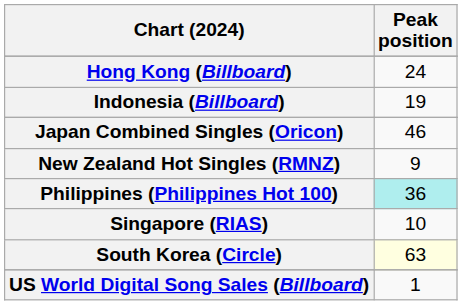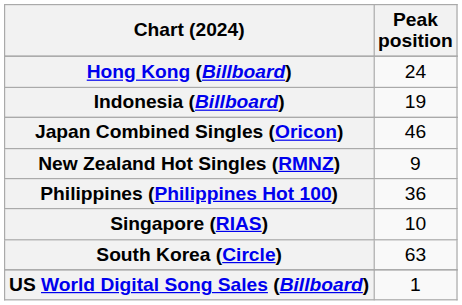 <table class="wikitable sortable plainrowheaders" style="text-align:center">
 <tr>
 <th scope="col">Chart (2024)</th>
 <th scope="col">Peak<br>position</th>
 </tr>
 <tr>
 </tr>
 <tr>
 <th scope="row"><a href='#'>Hong Kong</a> (<em><a href='#'>Billboard</a></em>)</th>
 <td>24</td>
 </tr>
 <tr>
 <th scope="row">Indonesia (<em><a href='#'>Billboard</a></em>)</th>
 <td>19</td>
 </tr>
 <tr>
 </tr>
 <tr>
 <th scope="row">Japan Combined Singles (<a href='#'>Oricon</a>)</th>
 <td>46</td>
 </tr>
 <tr>
 <th scope="row">New Zealand Hot Singles (<a href='#'>RMNZ</a>)</th>
 <td>9</td>
 </tr>
 <tr>
 <th scope="row">Philippines (<a href='#'>Philippines Hot 100</a>)</th>
-<td style="background: paleturquoise;">36</td>
+<td>36</td>
 </tr>
 <tr>
 <th scope="row">Singapore (<a href='#'>RIAS</a>)</th>
 <td>10</td>
 </tr>
 <tr>
 <th scope="row">South Korea (<a href='#'>Circle</a>)</th>
-<td style="background: lightyellow;">63</td>
+<td>63</td>
 </tr>
 <tr>
 </tr>
 <tr>
 </tr>
 <tr>
 </tr>
 <tr>
 </tr>
 <tr>
 <th scope="row">US <a href='#'>World Digital Song Sales</a> (<em><a href='#'>Billboard</a></em>)</th>
 <td>1</td>
 </tr>
 </table>
